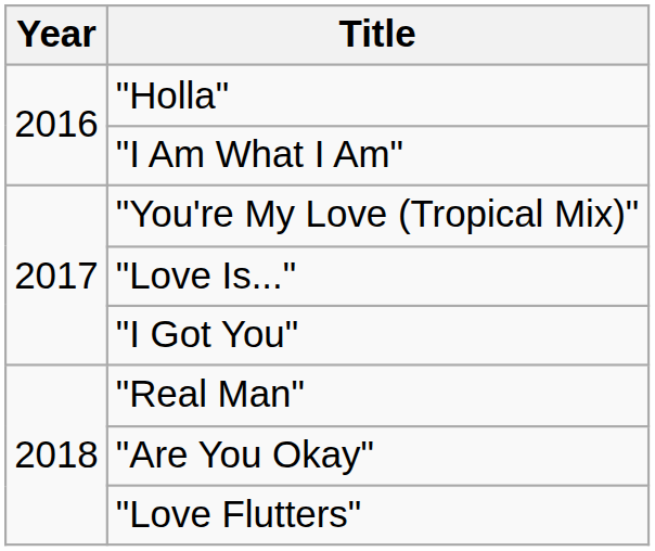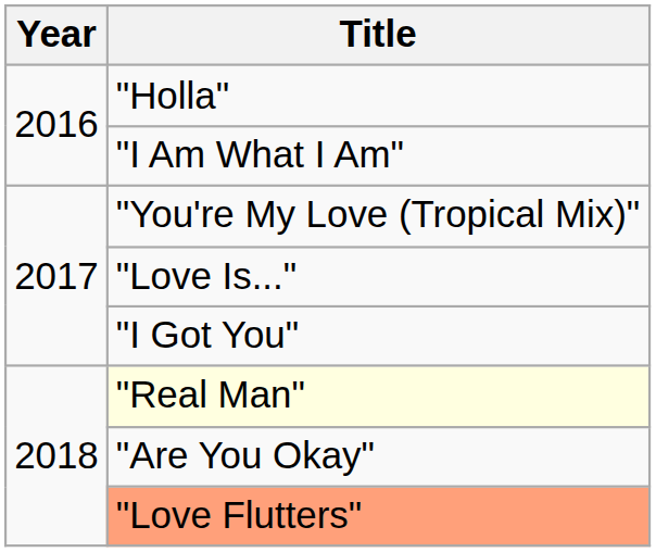 <table class="wikitable">
 <tr>
 <th>Year</th>
 <th>Title</th>
 </tr>
 <tr>
 <td rowspan="2">2016</td>
 <td>"Holla"</td>
 </tr>
 <tr>
 <td>"I Am What I Am"</td>
 </tr>
 <tr>
 <td rowspan="3">2017</td>
 <td>"You're My Love (Tropical Mix)"</td>
 </tr>
 <tr>
 <td>"Love Is..."</td>
 </tr>
 <tr>
 <td>"I Got You"</td>
 </tr>
 <tr>
 <td rowspan="3">2018</td>
-<td>"Real Man"</td>
+<td style="background: lightyellow;">"Real Man"</td>
 </tr>
 <tr>
 <td>"Are You Okay"</td>
 </tr>
 <tr>
-<td>"Love Flutters"</td>
+<td style="background: lightsalmon;">"Love Flutters"</td>
 </tr>
 </table>
